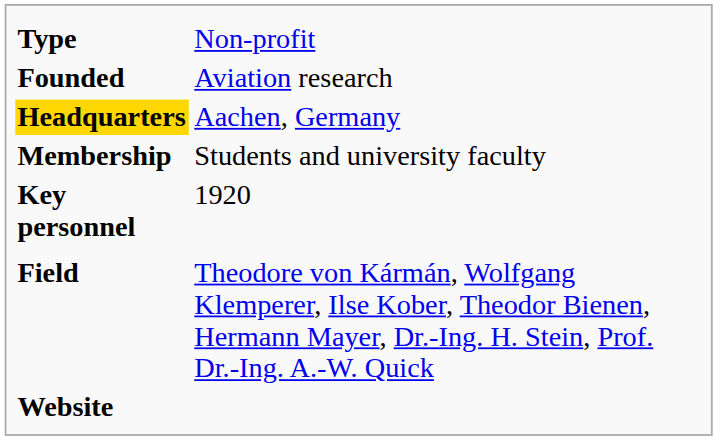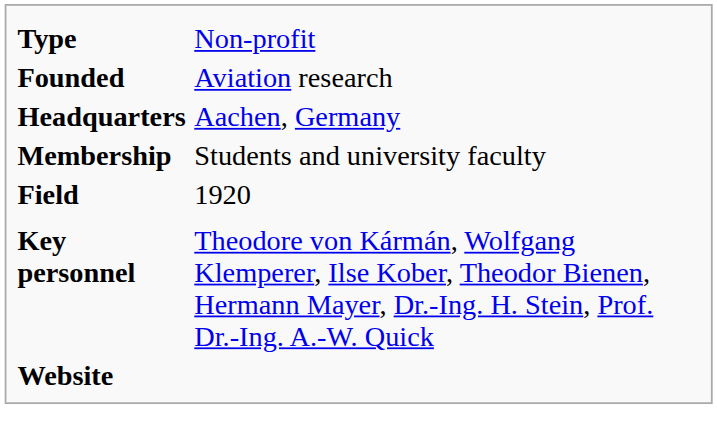 <table class="infobox" style="width:25em;">
 <tr>
 <td colspan=2 style="text-align:left; font-size:smaller;"></td>
 </tr>
 <tr>
 <td><strong>Type</strong></td>
 <td><a href='#'>Non-profit</a></td>
 </tr>
 <tr>
 <td><strong>Founded</strong></td>
 <td><a href='#'>Aviation</a> research</td>
 </tr>
 <tr>
-<td style="background: gold;"><strong>Headquarters</strong></td>
+<td><strong>Headquarters</strong></td>
 <td><a href='#'>Aachen</a>, <a href='#'>Germany</a><br></td>
 </tr>
 <tr>
 <td><strong>Membership</strong></td>
 <td>Students and university faculty</td>
 </tr>
 <tr>
-<td><strong>Key personnel</strong></td>
+<td><strong>Field</strong></td>
 <td>1920</td>
 </tr>
 <tr>
 <td></td>
 <td></td>
 </tr>
 <tr>
-<td><strong>Field</strong></td>
+<td><strong>Key personnel</strong></td>
 <td><a href='#'>Theodore von Kármán</a>, <a href='#'>Wolfgang Klemperer</a>, <a href='#'>Ilse Kober</a>, <a href='#'>Theodor Bienen</a>,   <a href='#'>Hermann Mayer</a>, <a href='#'>Dr.-Ing. H. Stein</a>, <a href='#'>Prof. Dr.-Ing. A.-W. Quick</a></td>
 </tr>
 <tr>
 <td><strong>Website</strong></td>
 <td></td>
 </tr>
 </table>
